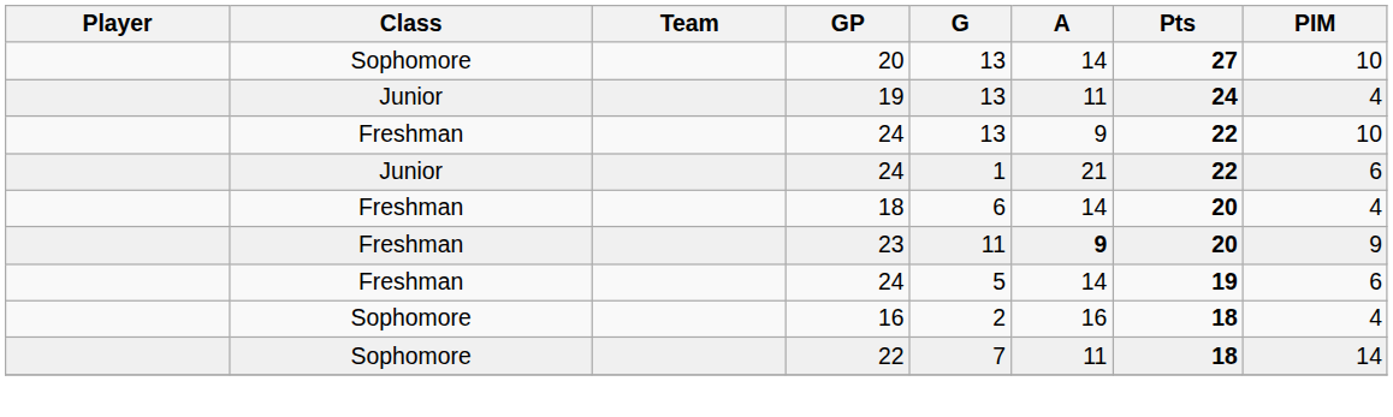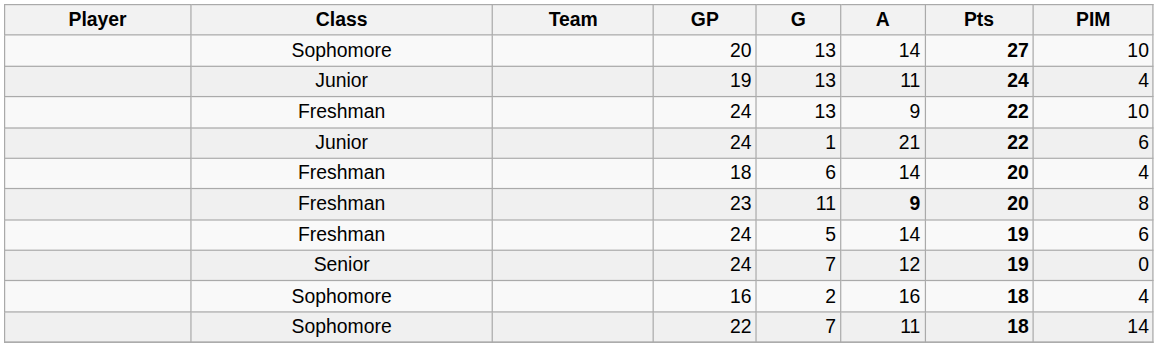 <table class="wikitable sortable" style="text-align: center; "width=60%">
 <tr>
 <th>Player</th>
 <th>Class</th>
 <th>Team</th>
 <th>GP</th>
 <th>G</th>
 <th>A</th>
 <th>Pts</th>
 <th>PIM</th>
 </tr>
 <tr>
 <td style="text-align: left"></td>
 <td>Sophomore</td>
 <td><strong><a href='#'></a></strong></td>
 <td style="text-align: right">20</td>
 <td style="text-align: right">13</td>
 <td style="text-align: right">14</td>
 <td style="text-align: right"><strong>27</strong></td>
 <td style="text-align: right">10</td>
 </tr>
 <tr bgcolor=f0f0f0>
 <td style="text-align: left"></td>
 <td>Junior</td>
 <td><strong><a href='#'></a></strong></td>
 <td style="text-align: right">19</td>
 <td style="text-align: right">13</td>
 <td style="text-align: right">11</td>
 <td style="text-align: right"><strong>24</strong></td>
 <td style="text-align: right">4</td>
 </tr>
 <tr>
 <td style="text-align: left"></td>
 <td>Freshman</td>
 <td><strong><a href='#'></a></strong></td>
 <td style="text-align: right">24</td>
 <td style="text-align: right">13</td>
 <td style="text-align: right">9</td>
 <td style="text-align: right"><strong>22</strong></td>
 <td style="text-align: right">10</td>
 </tr>
 <tr bgcolor=f0f0f0>
 <td style="text-align: left"></td>
 <td>Junior</td>
 <td><strong><a href='#'></a></strong></td>
 <td style="text-align: right">24</td>
 <td style="text-align: right">1</td>
 <td style="text-align: right">21</td>
 <td style="text-align: right"><strong>22</strong></td>
 <td style="text-align: right">6</td>
 </tr>
 <tr>
 <td style="text-align: left"></td>
 <td>Freshman</td>
 <td><strong><a href='#'></a></strong></td>
 <td style="text-align: right">18</td>
 <td style="text-align: right">6</td>
 <td style="text-align: right">14</td>
 <td style="text-align: right"><strong>20</strong></td>
 <td style="text-align: right">4</td>
 </tr>
 <tr bgcolor=f0f0f0>
 <td style="text-align: left"></td>
 <td>Freshman</td>
 <td><strong><a href='#'></a></strong></td>
 <td style="text-align: right">23</td>
 <td style="text-align: right">11</td>
 <td style="text-align: right"><strong>9</strong></td>
 <td style="text-align: right"><strong>20</strong></td>
-<td style="text-align: right">9</td>
+<td style="text-align: right">8</td>
 </tr>
 <tr>
 <td style="text-align: left"></td>
 <td>Freshman</td>
 <td><strong><a href='#'></a></strong></td>
 <td style="text-align: right">24</td>
 <td style="text-align: right">5</td>
 <td style="text-align: right">14</td>
 <td style="text-align: right"><strong>19</strong></td>
 <td style="text-align: right">6</td>
+</tr>
+<tr bgcolor=f0f0f0>
+<td style="text-align: left"></td>
+<td>Senior</td>
+<td><strong><a href='#'></a></strong></td>
+<td style="text-align: right">24</td>
+<td style="text-align: right">7</td>
+<td style="text-align: right">12</td>
+<td style="text-align: right"><strong>19</strong></td>
+<td style="text-align: right">0</td>
 </tr>
 <tr>
 <td style="text-align: left"></td>
 <td>Sophomore</td>
 <td><strong><a href='#'></a></strong></td>
 <td style="text-align: right">16</td>
 <td style="text-align: right">2</td>
 <td style="text-align: right">16</td>
 <td style="text-align: right"><strong>18</strong></td>
 <td style="text-align: right">4</td>
 </tr>
 <tr bgcolor=f0f0f0>
 <td style="text-align: left"></td>
 <td>Sophomore</td>
 <td><strong><a href='#'></a></strong></td>
 <td style="text-align: right">22</td>
 <td style="text-align: right">7</td>
 <td style="text-align: right">11</td>
 <td style="text-align: right"><strong>18</strong></td>
 <td style="text-align: right">14</td>
 </tr>
 <tr>
 </tr>
 </table>
